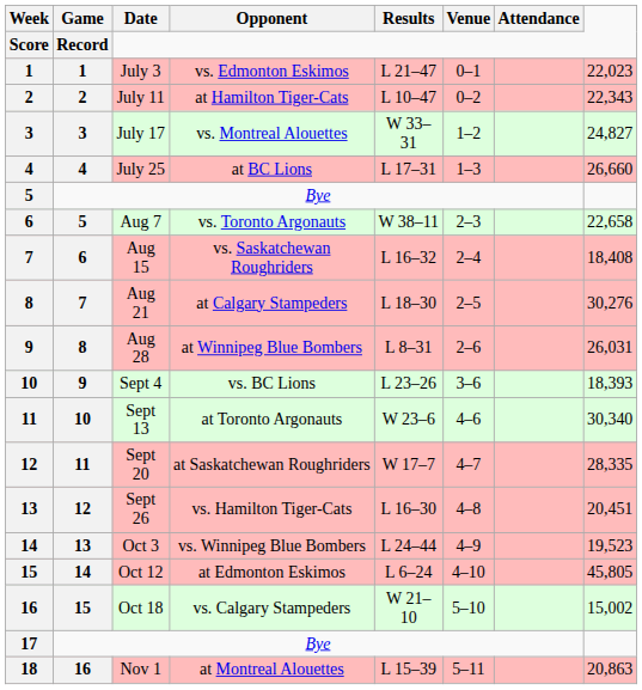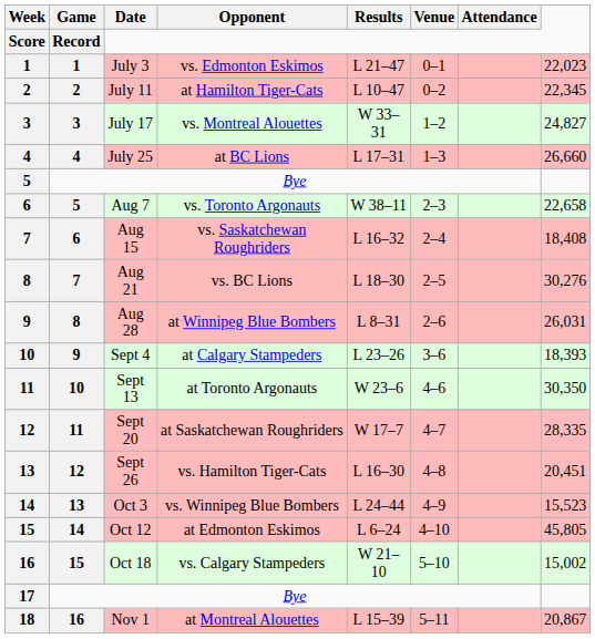 <table class="wikitable" style="text-align:center">
 <tr>
 <th>Week</th>
 <th>Game</th>
 <th>Date</th>
 <th>Opponent</th>
 <th>Results</th>
 <th>Venue</th>
 <th>Attendance</th>
 </tr>
 <tr>
 <th>Score</th>
 <th>Record</th>
 </tr>
 <tr style="background:#ffbbbb">
 <th>1</th>
 <th>1</th>
 <td>July 3</td>
 <td>vs. <a href='#'>Edmonton Eskimos</a></td>
 <td>L 21–47</td>
 <td>0–1</td>
 <td></td>
 <td>22,023</td>
 </tr>
 <tr style="background:#ffbbbb">
 <th>2</th>
 <th>2</th>
 <td>July 11</td>
 <td>at <a href='#'>Hamilton Tiger-Cats</a></td>
 <td>L 10–47</td>
 <td>0–2</td>
 <td></td>
-<td>22,343</td>
+<td>22,345</td>
 </tr>
 <tr style="background:#ddffdd">
 <th>3</th>
 <th>3</th>
 <td>July 17</td>
 <td>vs. <a href='#'>Montreal Alouettes</a></td>
 <td>W 33–31</td>
 <td>1–2</td>
 <td></td>
 <td>24,827</td>
 </tr>
 <tr style="background:#ffbbbb">
 <th>4</th>
 <th>4</th>
 <td>July 25</td>
 <td>at <a href='#'>BC Lions</a></td>
 <td>L 17–31</td>
 <td>1–3</td>
 <td></td>
 <td>26,660</td>
 </tr>
 <tr>
 <th>5</th>
 <td colspan=6 align="center"><em><a href='#'>Bye</a></em></td>
 </tr>
 <tr style="background:#ddffdd">
 <th>6</th>
 <th>5</th>
 <td>Aug 7</td>
 <td>vs. <a href='#'>Toronto Argonauts</a></td>
 <td>W 38–11</td>
 <td>2–3</td>
 <td></td>
 <td>22,658</td>
 </tr>
 <tr style="background:#ffbbbb">
 <th>7</th>
 <th>6</th>
 <td>Aug 15</td>
 <td>vs. <a href='#'>Saskatchewan Roughriders</a></td>
 <td>L 16–32</td>
 <td>2–4</td>
 <td></td>
 <td>18,408</td>
 </tr>
 <tr style="background:#ffbbbb">
 <th>8</th>
 <th>7</th>
 <td>Aug 21</td>
-<td>at <a href='#'>Calgary Stampeders</a></td>
+<td>vs. BC Lions</td>
 <td>L 18–30</td>
 <td>2–5</td>
 <td></td>
 <td>30,276</td>
 </tr>
 <tr style="background:#ffbbbb">
 <th>9</th>
 <th>8</th>
 <td>Aug 28</td>
 <td>at <a href='#'>Winnipeg Blue Bombers</a></td>
 <td>L 8–31</td>
 <td>2–6</td>
 <td></td>
 <td>26,031</td>
 </tr>
 <tr style="background:#ddffdd">
 <th>10</th>
 <th>9</th>
 <td>Sept 4</td>
-<td>vs. BC Lions</td>
+<td>at <a href='#'>Calgary Stampeders</a></td>
 <td>L 23–26</td>
 <td>3–6</td>
 <td></td>
 <td>18,393</td>
 </tr>
 <tr style="background:#ddffdd">
 <th>11</th>
 <th>10</th>
 <td>Sept 13</td>
 <td>at Toronto Argonauts</td>
 <td>W 23–6</td>
 <td>4–6</td>
 <td></td>
-<td>30,340</td>
+<td>30,350</td>
 </tr>
 <tr style="background:#ffbbbb">
 <th>12</th>
 <th>11</th>
 <td>Sept 20</td>
 <td>at Saskatchewan Roughriders</td>
 <td>W 17–7</td>
 <td>4–7</td>
 <td></td>
 <td>28,335</td>
 </tr>
 <tr style="background:#ffbbbb">
 <th>13</th>
 <th>12</th>
 <td>Sept 26</td>
 <td>vs. Hamilton Tiger-Cats</td>
 <td>L 16–30</td>
 <td>4–8</td>
 <td></td>
 <td>20,451</td>
 </tr>
 <tr style="background:#ffbbbb">
 <th>14</th>
 <th>13</th>
 <td>Oct 3</td>
 <td>vs. Winnipeg Blue Bombers</td>
 <td>L 24–44</td>
 <td>4–9</td>
 <td></td>
-<td>19,523</td>
+<td>15,523</td>
 </tr>
 <tr style="background:#ffbbbb">
 <th>15</th>
 <th>14</th>
 <td>Oct 12</td>
 <td>at Edmonton Eskimos</td>
 <td>L 6–24</td>
 <td>4–10</td>
 <td></td>
 <td>45,805</td>
 </tr>
 <tr style="background:#ddffdd">
 <th>16</th>
 <th>15</th>
 <td>Oct 18</td>
 <td>vs. Calgary Stampeders</td>
 <td>W 21–10</td>
 <td>5–10</td>
 <td></td>
 <td>15,002</td>
 </tr>
 <tr>
 <th>17</th>
 <td colspan=6 align="center"><em><a href='#'>Bye</a></em></td>
 </tr>
 <tr style="background:#ffbbbb">
 <th>18</th>
 <th>16</th>
 <td>Nov 1</td>
 <td>at <a href='#'>Montreal Alouettes</a></td>
 <td>L 15–39</td>
 <td>5–11</td>
 <td></td>
-<td>20,863</td>
+<td>20,867</td>
 </tr>
 </table>
